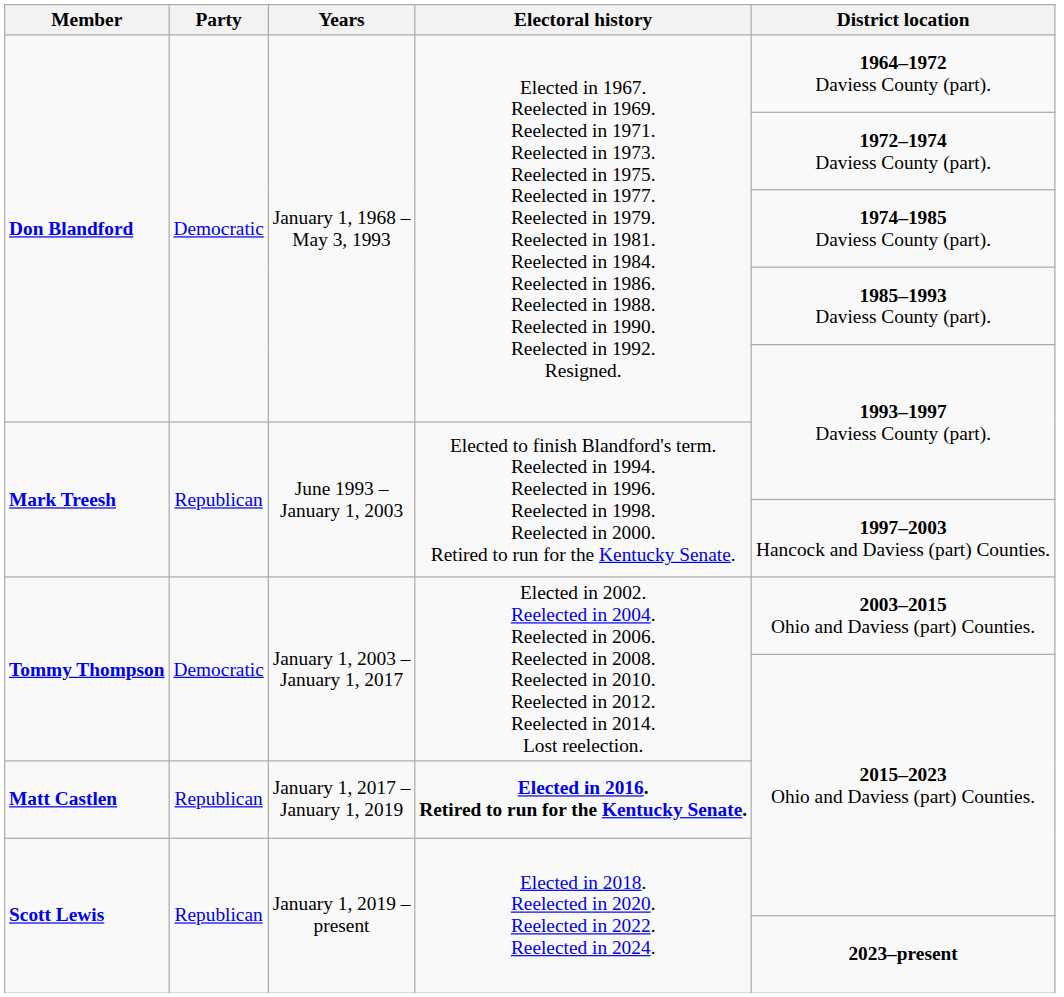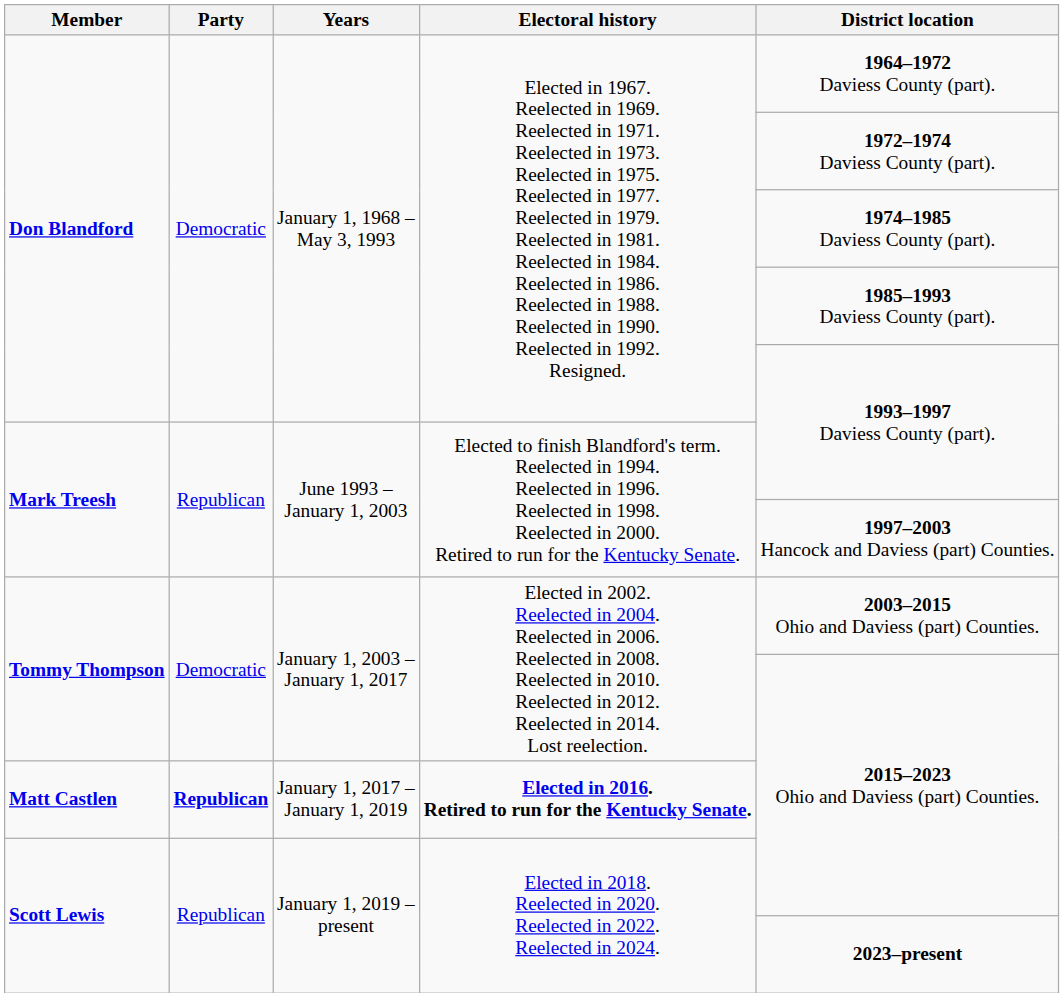 <table class=wikitable style="text-align:center">
 <tr>
 <th>Member</th>
 <th>Party</th>
 <th>Years</th>
 <th>Electoral history</th>
 <th>District location</th>
 </tr>
 <tr style="height:4em">
 <td rowspan=5 align=left><strong><a href='#'>Don Blandford</a></strong><br></td>
 <td rowspan=5 ><a href='#'>Democratic</a></td>
 <td rowspan=5 nowrap>January 1, 1968 –<br>May 3, 1993</td>
 <td rowspan=5>Elected in 1967.<br>Reelected in 1969.<br>Reelected in 1971.<br>Reelected in 1973.<br>Reelected in 1975.<br>Reelected in 1977.<br>Reelected in 1979.<br>Reelected in 1981.<br>Reelected in 1984.<br>Reelected in 1986.<br>Reelected in 1988.<br>Reelected in 1990.<br>Reelected in 1992.<br>Resigned.</td>
 <td><strong>1964–1972</strong><br>Daviess County (part).</td>
 </tr>
 <tr style="height:4em">
 <td><strong>1972–1974</strong><br>Daviess County (part).</td>
 </tr>
 <tr style="height:4em">
 <td><strong>1974–1985</strong><br>Daviess County (part).</td>
 </tr>
 <tr style="height:4em">
 <td><strong>1985–1993</strong><br>Daviess County (part).</td>
 </tr>
 <tr style="height:4em">
 <td rowspan=2><strong>1993–1997</strong><br>Daviess County (part).</td>
 </tr>
 <tr style="height:4em">
 <td rowspan=2 align=left><strong><a href='#'>Mark Treesh</a></strong><br></td>
 <td rowspan=2 ><a href='#'>Republican</a></td>
 <td rowspan=2 nowrap>June 1993 –<br>January 1, 2003</td>
 <td rowspan=2>Elected to finish Blandford's term.<br>Reelected in 1994.<br>Reelected in 1996.<br>Reelected in 1998.<br>Reelected in 2000.<br>Retired to run for the <a href='#'>Kentucky Senate</a>.</td>
 </tr>
 <tr style="height:4em">
 <td><strong>1997–2003</strong><br>Hancock and Daviess (part) Counties.</td>
 </tr>
 <tr style="height:4em">
 <td rowspan=2 align=left><strong><a href='#'>Tommy Thompson</a></strong><br></td>
 <td rowspan=2 ><a href='#'>Democratic</a></td>
 <td rowspan=2 nowrap>January 1, 2003 –<br>January 1, 2017</td>
 <td rowspan=2>Elected in 2002.<br><a href='#'>Reelected in 2004</a>.<br>Reelected in 2006.<br>Reelected in 2008.<br>Reelected in 2010.<br>Reelected in 2012.<br>Reelected in 2014.<br>Lost reelection.</td>
 <td><strong>2003–2015</strong><br>Ohio and Daviess (part) Counties.</td>
 </tr>
 <tr style="height:4em">
 <td rowspan=3><strong>2015–2023</strong><br>Ohio and Daviess (part) Counties.</td>
 </tr>
 <tr style="height:4em">
 <td align=left><strong><a href='#'>Matt Castlen</a></strong><br></td>
-<td><a href='#'>Republican</a></td>
+<td><strong><a href='#'>Republican</a></strong></td>
 <td nowrap>January 1, 2017 –<br>January 1, 2019</td>
 <td><strong><a href='#'>Elected in 2016</a>.<br>Retired to run for the <a href='#'>Kentucky Senate</a>.</strong></td>
 </tr>
 <tr style="height:4em">
 <td rowspan=2 align=left><strong><a href='#'>Scott Lewis</a></strong><br></td>
 <td rowspan=2 ><a href='#'>Republican</a></td>
 <td rowspan=2 nowrap>January 1, 2019 –<br>present</td>
 <td rowspan=2><a href='#'>Elected in 2018</a>.<br><a href='#'>Reelected in 2020</a>.<br><a href='#'>Reelected in 2022</a>.<br><a href='#'>Reelected in 2024</a>.</td>
 </tr>
 <tr style="height:4em">
 <td><strong>2023–present</strong><br></td>
 </tr>
 </table>
